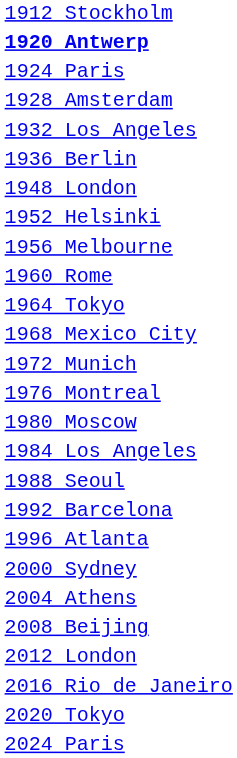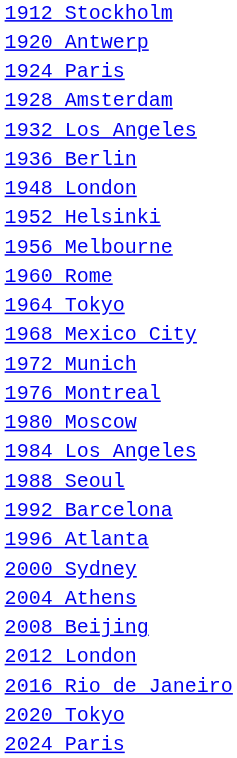 <table>
 <tr>
 <td><a href='#'>1912 Stockholm</a><br></td>
 <td></td>
 <td></td>
 <td></td>
 </tr>
 <tr>
-<td><strong><a href='#'>1920 Antwerp</a><br></strong></td>
+<td><a href='#'>1920 Antwerp</a><br></td>
 <td></td>
 <td></td>
 <td></td>
 </tr>
 <tr>
 <td><a href='#'>1924 Paris</a><br></td>
 <td></td>
 <td></td>
 <td></td>
 </tr>
 <tr>
 <td><a href='#'>1928 Amsterdam</a><br></td>
 <td></td>
 <td></td>
 <td></td>
 </tr>
 <tr>
 <td><a href='#'>1932 Los Angeles</a><br></td>
 <td></td>
 <td></td>
 <td></td>
 </tr>
 <tr>
 <td><a href='#'>1936 Berlin</a><br></td>
 <td></td>
 <td></td>
 <td></td>
 </tr>
 <tr>
 <td><a href='#'>1948 London</a><br></td>
 <td></td>
 <td></td>
 <td></td>
 </tr>
 <tr>
 <td><a href='#'>1952 Helsinki</a><br></td>
 <td></td>
 <td></td>
 <td></td>
 </tr>
 <tr>
 <td><a href='#'>1956 Melbourne</a><br></td>
 <td></td>
 <td></td>
 <td></td>
 </tr>
 <tr>
 <td><a href='#'>1960 Rome</a><br></td>
 <td></td>
 <td></td>
 <td></td>
 </tr>
 <tr>
 <td><a href='#'>1964 Tokyo</a><br></td>
 <td></td>
 <td></td>
 <td></td>
 </tr>
 <tr>
 <td><a href='#'>1968 Mexico City</a><br></td>
 <td></td>
 <td></td>
 <td></td>
 </tr>
 <tr>
 <td><a href='#'>1972 Munich</a><br></td>
 <td></td>
 <td></td>
 <td></td>
 </tr>
 <tr>
 <td><a href='#'>1976 Montreal</a><br></td>
 <td></td>
 <td></td>
 <td></td>
 </tr>
 <tr>
 <td><a href='#'>1980 Moscow</a><br></td>
 <td></td>
 <td></td>
 <td></td>
 </tr>
 <tr>
 <td><a href='#'>1984 Los Angeles</a><br></td>
 <td></td>
 <td></td>
 <td></td>
 </tr>
 <tr>
 <td><a href='#'>1988 Seoul</a><br></td>
 <td></td>
 <td></td>
 <td></td>
 </tr>
 <tr>
 <td><a href='#'>1992 Barcelona</a><br></td>
 <td></td>
 <td></td>
 <td></td>
 </tr>
 <tr>
 <td><a href='#'>1996 Atlanta</a><br></td>
 <td></td>
 <td></td>
 <td></td>
 </tr>
 <tr>
 <td><a href='#'>2000 Sydney</a><br></td>
 <td></td>
 <td></td>
 <td></td>
 </tr>
 <tr>
 <td><a href='#'>2004 Athens</a><br></td>
 <td></td>
 <td></td>
 <td></td>
 </tr>
 <tr>
 <td><a href='#'>2008 Beijing</a><br></td>
 <td></td>
 <td></td>
 <td></td>
 </tr>
 <tr>
 <td><a href='#'>2012 London</a><br></td>
 <td></td>
 <td></td>
 <td></td>
 </tr>
 <tr>
 <td><a href='#'>2016 Rio de Janeiro</a><br></td>
 <td></td>
 <td></td>
 <td></td>
 </tr>
 <tr>
 <td><a href='#'>2020 Tokyo</a><br></td>
 <td></td>
 <td></td>
 <td></td>
 </tr>
 <tr>
 <td><a href='#'>2024 Paris</a><br></td>
 <td></td>
 <td></td>
 <td></td>
 </tr>
 </table>
